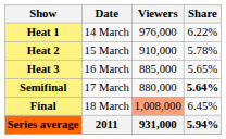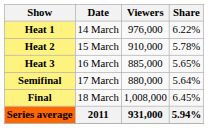 <table class="wikitable sortable" style="text-align:center">
 <tr>
 <th>Show</th>
 <th>Date</th>
 <th>Viewers</th>
 <th>Share</th>
 </tr>
 <tr>
 <td style="background:#FFF380"><strong>Heat 1</strong></td>
 <td>14 March</td>
 <td>976,000</td>
 <td>6.22%</td>
 </tr>
 <tr>
 <td style="background:#FFF380"><strong>Heat 2</strong></td>
 <td>15 March</td>
 <td>910,000</td>
 <td>5.78%</td>
 </tr>
 <tr>
 <td style="background:#FFF380"><strong>Heat 3</strong></td>
 <td>16 March</td>
 <td>885,000</td>
 <td>5.65%</td>
 </tr>
 <tr>
 <td style="background:#FFF380"><strong>Semifinal</strong></td>
 <td>17 March</td>
 <td>880,000</td>
-<td><strong>5.64%</strong></td>
+<td>5.64%</td>
 </tr>
 <tr>
 <td style="background:#FFF380"><strong>Final</strong></td>
 <td>18 March</td>
-<td style="background: lightsalmon;">1,008,000</td>
+<td>1,008,000</td>
 <td>6.45%</td>
 </tr>
 <tr>
 <th style="background:#FF6600">Series average</th>
 <th>2011</th>
 <th>931,000</th>
 <th>5.94%</th>
 </tr>
 <tr>
 </tr>
 </table>
